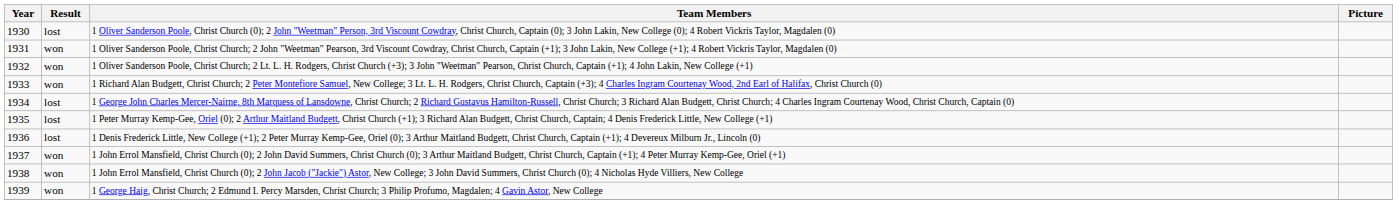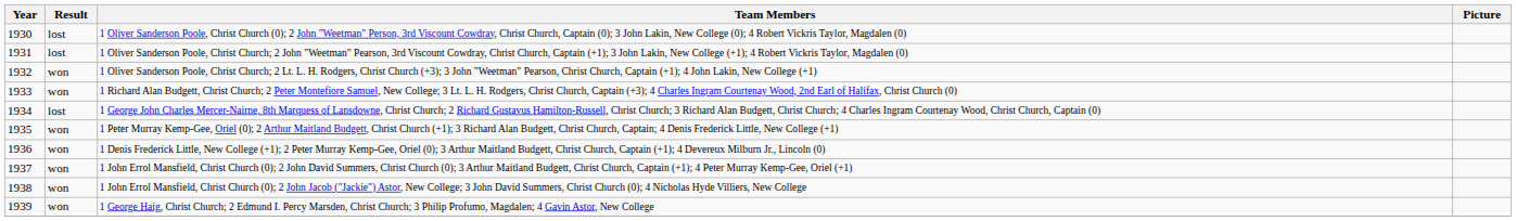 <table class="wikitable" width="100%">
 <tr>
 <th>Year</th>
 <th>Result</th>
 <th>Team Members</th>
 <th>Picture</th>
 </tr>
 <tr>
 <td>1930</td>
 <td>lost</td>
 <td style="font-size:85%">1 <a href='#'>Oliver Sanderson Poole</a>, Christ Church (0); 2 <a href='#'>John "Weetman" Person, 3rd Viscount Cowdray</a>, Christ Church, Captain (0); 3 John Lakin, New College (0); 4 Robert Vickris Taylor, Magdalen (0)</td>
 <td></td>
 </tr>
 <tr>
 <td>1931</td>
-<td>won</td>
+<td>lost</td>
 <td style="font-size:85%">1 Oliver Sanderson Poole, Christ Church; 2 John "Weetman" Pearson, 3rd Viscount Cowdray, Christ Church, Captain (+1); 3 John Lakin, New College (+1); 4 Robert Vickris Taylor, Magdalen (0)</td>
 <td></td>
 </tr>
 <tr>
 <td>1932</td>
 <td>won</td>
 <td style="font-size:85%">1 Oliver Sanderson Poole, Christ Church; 2 Lt. L. H. Rodgers, Christ Church (+3); 3 John "Weetman" Pearson, Christ Church, Captain (+1); 4 John Lakin, New College (+1)</td>
 <td> </td>
 </tr>
 <tr>
 <td>1933</td>
 <td>won</td>
 <td style="font-size:85%">1 Richard Alan Budgett, Christ Church; 2 <a href='#'>Peter Montefiore Samuel</a>, New College; 3 Lt. L. H. Rodgers, Christ Church, Captain (+3); 4 <a href='#'>Charles Ingram Courtenay Wood, 2nd Earl of Halifax</a>, Christ Church (0)</td>
 <td></td>
 </tr>
 <tr>
 <td>1934</td>
 <td>lost</td>
 <td style="font-size:85%">1 <a href='#'>George John Charles Mercer-Nairne, 8th Marquess of Lansdowne</a>, Christ Church; 2 <a href='#'>Richard Gustavus Hamilton-Russell</a>, Christ Church; 3 Richard Alan Budgett, Christ Church; 4 Charles Ingram Courtenay Wood, Christ Church, Captain (0)</td>
 <td></td>
 </tr>
 <tr>
 <td>1935</td>
-<td>lost</td>
+<td>won</td>
 <td style="font-size:85%">1 Peter Murray Kemp-Gee, <a href='#'>Oriel</a> (0); 2 <a href='#'>Arthur Maitland Budgett</a>, Christ Church (+1); 3 Richard Alan Budgett, Christ Church, Captain; 4 Denis Frederick Little, New College (+1)</td>
 <td></td>
 </tr>
 <tr>
 <td>1936</td>
-<td>lost</td>
+<td>won</td>
 <td style="font-size:85%">1 Denis Frederick Little, New College (+1); 2 Peter Murray Kemp-Gee, Oriel (0); 3 Arthur Maitland Budgett, Christ Church, Captain (+1); 4 Devereux Milburn Jr., Lincoln (0)</td>
 <td></td>
 </tr>
 <tr>
 <td>1937</td>
 <td>won</td>
 <td style="font-size:85%">1 John Errol Mansfield, Christ Church (0); 2 John David Summers, Christ Church (0); 3 Arthur Maitland Budgett, Christ Church, Captain (+1); 4 Peter Murray Kemp-Gee, Oriel (+1)</td>
 <td></td>
 </tr>
 <tr>
 <td>1938</td>
 <td>won</td>
 <td style="font-size:85%">1 John Errol Mansfield, Christ Church (0);  2 <a href='#'>John Jacob ("Jackie") Astor</a>, New College; 3 John David Summers, Christ Church (0); 4 Nicholas Hyde Villiers, New College</td>
 <td></td>
 </tr>
 <tr>
 <td>1939</td>
 <td>won</td>
 <td style="font-size:85%">1 <a href='#'>George Haig</a>, Christ Church; 2 Edmund I. Percy Marsden, Christ Church; 3 Philip Profumo, Magdalen; 4 <a href='#'>Gavin Astor</a>, New College</td>
 <td></td>
 </tr>
 <tr>
 </tr>
 </table>
